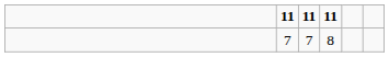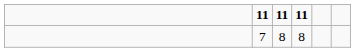 <table class="wikitable">
 <tr>
 <td style="width:18em"><strong></strong></td>
 <td align=center style="width:1em"><strong>11</strong></td>
 <td align=center style="width:1em"><strong>11</strong></td>
 <td align=center style="width:1em"><strong>11</strong></td>
 <td align=center style="width:1em"></td>
 <td align=center style="width:1em"></td>
 </tr>
 <tr>
 <td style="width:18em"></td>
 <td align=center style="width:1em">7</td>
-<td align=center style="width:1em">7</td>
+<td align=center style="width:1em">8</td>
 <td align=center style="width:1em">8</td>
 <td align=center style="width:1em"></td>
 <td align=center style="width:1em"></td>
 </tr>
 </table>
